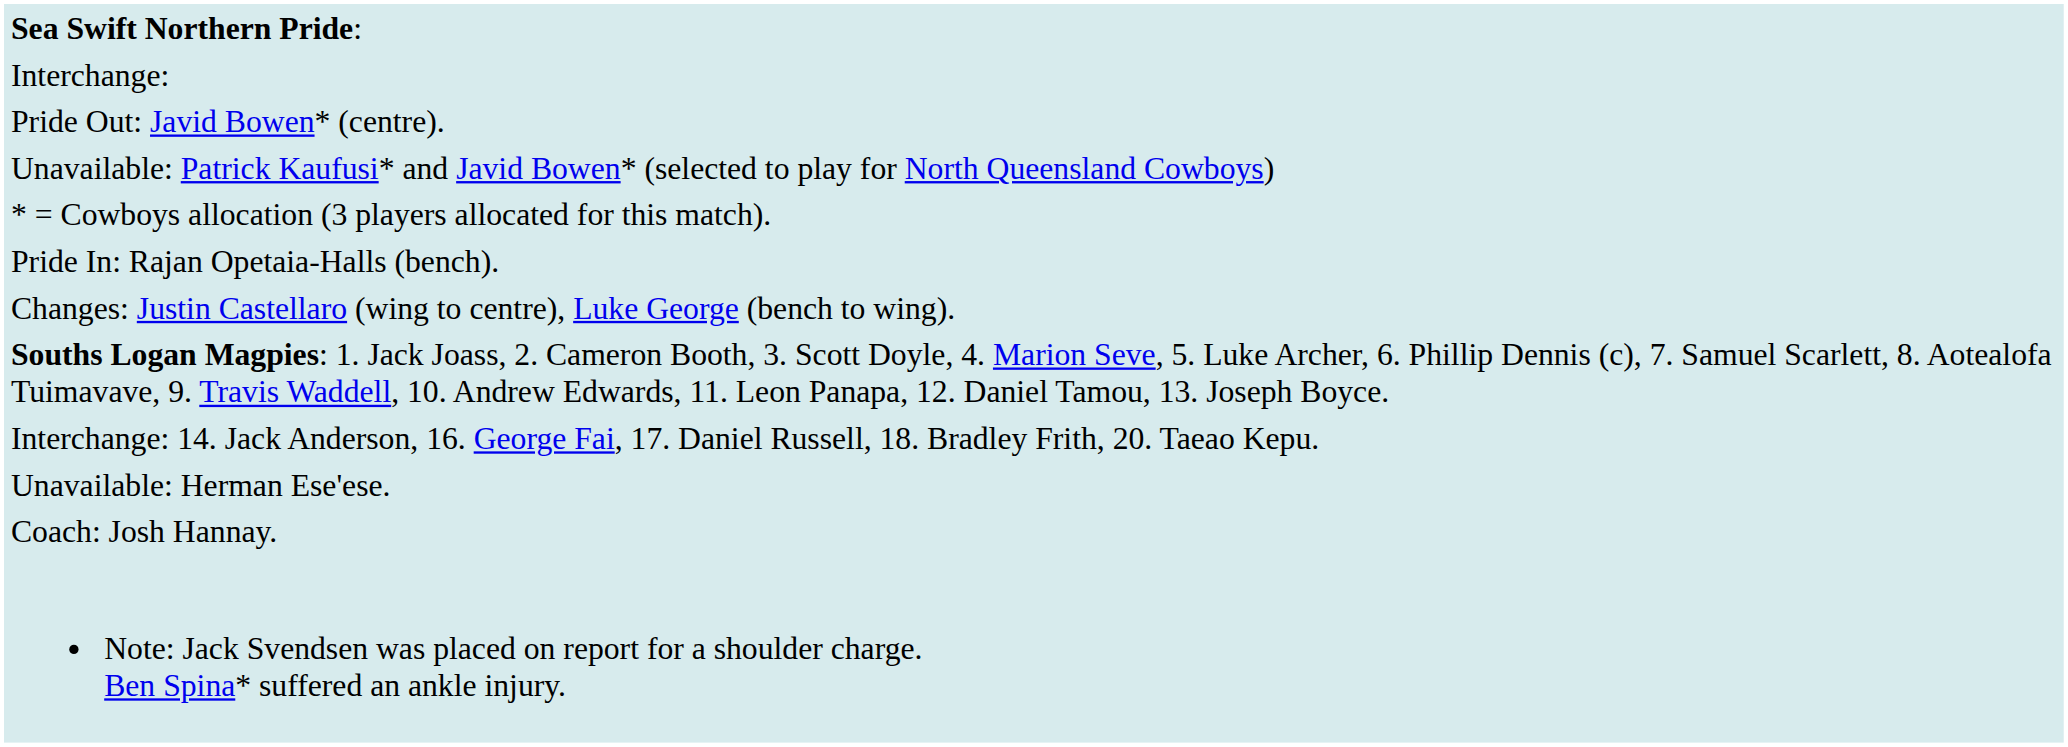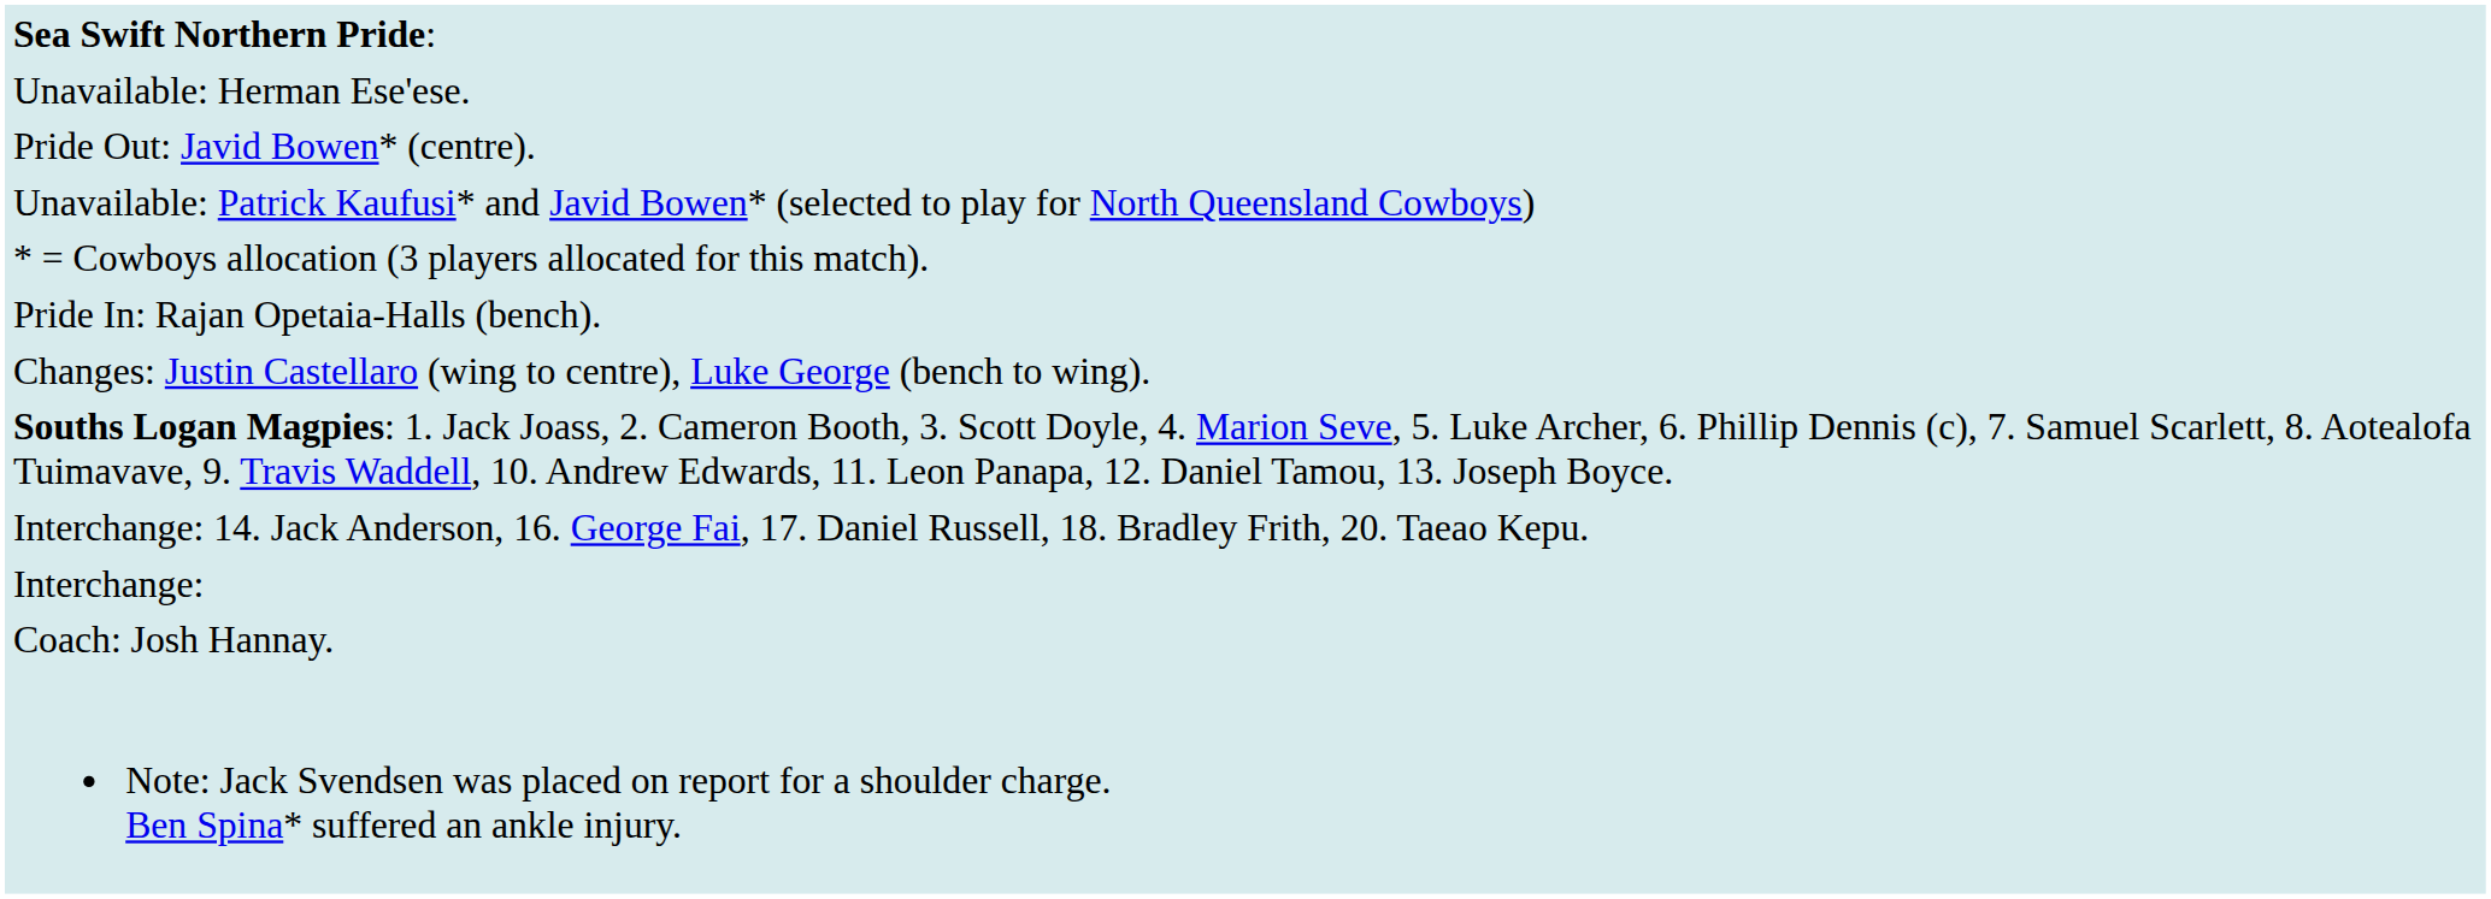 <table style="background:#d7ebed; font-size:85%; width:100%;">
 <tr>
 <td><strong>Sea Swift Northern Pride</strong>:             </td>
 </tr>
 <tr>
-<td>Interchange:    </td>
+<td>Unavailable: Herman Ese'ese.</td>
 </tr>
 <tr>
 <td>Pride Out: <a href='#'>Javid Bowen</a>* (centre).</td>
 </tr>
 <tr>
 <td>Unavailable: <a href='#'>Patrick Kaufusi</a>* and <a href='#'>Javid Bowen</a>* (selected to play for <a href='#'>North Queensland Cowboys</a>)</td>
 </tr>
 <tr>
 <td>* = Cowboys allocation (3 players allocated for this match).</td>
 </tr>
 <tr>
 <td>Pride In: Rajan Opetaia-Halls (bench).</td>
 </tr>
 <tr>
 <td>Changes: <a href='#'>Justin Castellaro</a> (wing to centre), <a href='#'>Luke George</a> (bench to wing).</td>
 </tr>
 <tr>
 <td><strong>Souths Logan Magpies</strong>: 1. Jack Joass, 2. Cameron Booth, 3. Scott Doyle, 4. <a href='#'>Marion Seve</a>, 5. Luke Archer, 6. Phillip Dennis (c), 7. Samuel Scarlett, 8. Aotealofa Tuimavave, 9. <a href='#'>Travis Waddell</a>, 10. Andrew Edwards, 11. Leon Panapa, 12. Daniel Tamou, 13. Joseph Boyce.</td>
 </tr>
 <tr>
 <td>Interchange: 14. Jack Anderson, 16. <a href='#'>George Fai</a>, 17. Daniel Russell, 18. Bradley Frith, 20. Taeao Kepu.</td>
 </tr>
 <tr>
-<td>Unavailable: Herman Ese'ese.</td>
+<td>Interchange:    </td>
 </tr>
 <tr>
 <td>Coach: Josh Hannay.</td>
 </tr>
 <tr>
 <td><br><ul><li>Note: Jack Svendsen was placed on report for a shoulder charge.<br><a href='#'>Ben Spina</a>* suffered an ankle injury.</li></ul></td>
 </tr>
 </table>
